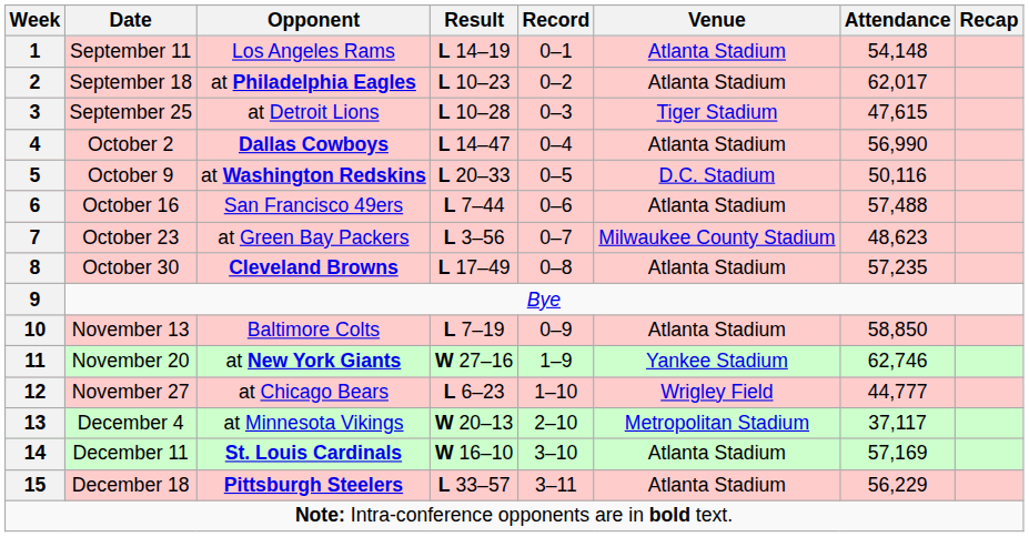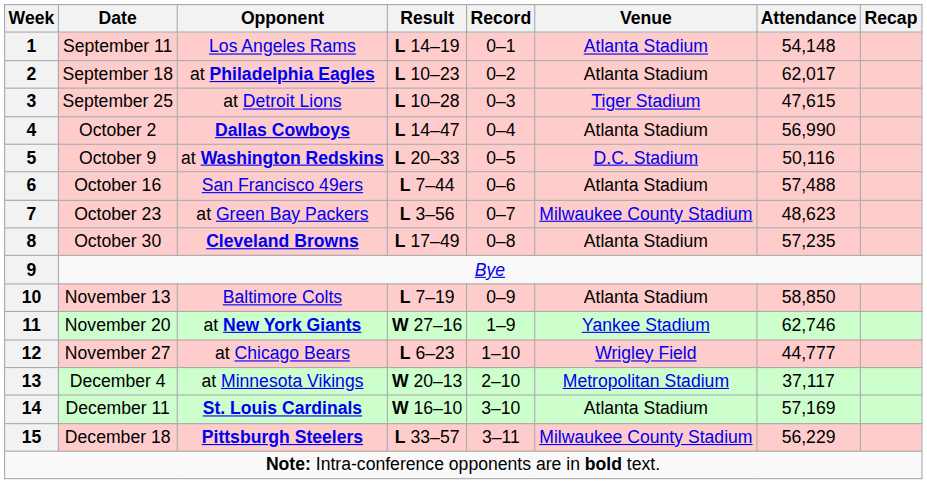 <table class="wikitable" style="text-align:center">
 <tr>
 <th>Week</th>
 <th>Date</th>
 <th>Opponent</th>
 <th>Result</th>
 <th>Record</th>
 <th>Venue</th>
 <th>Attendance</th>
 <th>Recap</th>
 </tr>
 <tr style="background:#fcc;color:#000;">
 <th>1</th>
 <td>September 11</td>
 <td><a href='#'>Los Angeles Rams</a></td>
 <td><strong>L</strong> 14–19</td>
 <td>0–1</td>
 <td><a href='#'>Atlanta Stadium</a></td>
 <td>54,148</td>
 <td></td>
 </tr>
 <tr style="background:#fcc;color:#000;">
 <th>2</th>
 <td>September 18</td>
 <td>at <strong><a href='#'>Philadelphia Eagles</a></strong></td>
 <td><strong>L</strong> 10–23</td>
 <td>0–2</td>
 <td>Atlanta Stadium</td>
 <td>62,017</td>
 <td></td>
 </tr>
 <tr style="background:#fcc;color:#000;">
 <th>3</th>
 <td>September 25</td>
 <td>at <a href='#'>Detroit Lions</a></td>
 <td><strong>L</strong> 10–28</td>
 <td>0–3</td>
 <td><a href='#'>Tiger Stadium</a></td>
 <td>47,615</td>
 <td></td>
 </tr>
 <tr style="background:#fcc;color:#000;">
 <th>4</th>
 <td>October 2</td>
 <td><strong><a href='#'>Dallas Cowboys</a></strong></td>
 <td><strong>L</strong> 14–47</td>
 <td>0–4</td>
 <td>Atlanta Stadium</td>
 <td>56,990</td>
 <td></td>
 </tr>
 <tr style="background:#fcc;color:#000;">
 <th>5</th>
 <td>October 9</td>
 <td>at <strong><a href='#'>Washington Redskins</a></strong></td>
 <td><strong>L</strong> 20–33</td>
 <td>0–5</td>
 <td><a href='#'>D.C. Stadium</a></td>
 <td>50,116</td>
 <td></td>
 </tr>
 <tr style="background:#fcc;color:#000;">
 <th>6</th>
 <td>October 16</td>
 <td><a href='#'>San Francisco 49ers</a></td>
 <td><strong>L</strong> 7–44</td>
 <td>0–6</td>
 <td>Atlanta Stadium</td>
 <td>57,488</td>
 <td></td>
 </tr>
 <tr style="background:#fcc;color:#000;">
 <th>7</th>
 <td>October 23</td>
 <td>at <a href='#'>Green Bay Packers</a></td>
 <td><strong>L</strong> 3–56</td>
 <td>0–7</td>
 <td><a href='#'>Milwaukee County Stadium</a></td>
 <td>48,623</td>
 <td></td>
 </tr>
 <tr style="background:#fcc;color:#000;">
 <th>8</th>
 <td>October 30</td>
 <td><strong><a href='#'>Cleveland Browns</a></strong></td>
 <td><strong>L</strong> 17–49</td>
 <td>0–8</td>
 <td>Atlanta Stadium</td>
 <td>57,235</td>
 <td></td>
 </tr>
 <tr>
 <th>9</th>
 <td colspan="7"><em><a href='#'>Bye</a></em></td>
 </tr>
 <tr style="background:#fcc;color:#000;">
 <th>10</th>
 <td>November 13</td>
 <td><a href='#'>Baltimore Colts</a></td>
 <td><strong>L</strong> 7–19</td>
 <td>0–9</td>
 <td>Atlanta Stadium</td>
 <td>58,850</td>
 <td></td>
 </tr>
 <tr style="background:#cfc;color:#000;">
 <th>11</th>
 <td>November 20</td>
 <td>at <strong><a href='#'>New York Giants</a></strong></td>
 <td><strong>W</strong> 27–16</td>
 <td>1–9</td>
 <td><a href='#'>Yankee Stadium</a></td>
 <td>62,746</td>
 <td></td>
 </tr>
 <tr style="background:#fcc;color:#000;">
 <th>12</th>
 <td>November 27</td>
 <td>at <a href='#'>Chicago Bears</a></td>
 <td><strong>L</strong> 6–23</td>
 <td>1–10</td>
 <td><a href='#'>Wrigley Field</a></td>
 <td>44,777</td>
 <td></td>
 </tr>
 <tr style="background:#cfc;color:#000;">
 <th>13</th>
 <td>December 4</td>
 <td>at <a href='#'>Minnesota Vikings</a></td>
 <td><strong>W</strong> 20–13</td>
 <td>2–10</td>
 <td><a href='#'>Metropolitan Stadium</a></td>
 <td>37,117</td>
 <td></td>
 </tr>
 <tr style="background:#cfc;color:#000;">
 <th>14</th>
 <td>December 11</td>
 <td><strong><a href='#'>St. Louis Cardinals</a></strong></td>
 <td><strong>W</strong> 16–10</td>
 <td>3–10</td>
 <td>Atlanta Stadium</td>
 <td>57,169</td>
 <td></td>
 </tr>
 <tr style="background:#fcc;color:#000;">
 <th>15</th>
 <td>December 18</td>
 <td><strong><a href='#'>Pittsburgh Steelers</a></strong></td>
 <td><strong>L</strong> 33–57</td>
 <td>3–11</td>
-<td>Atlanta Stadium</td>
+<td><a href='#'>Milwaukee County Stadium</a></td>
 <td>56,229</td>
 <td></td>
 </tr>
 <tr>
 <td colspan="8"><strong>Note:</strong> Intra-conference opponents are in <strong>bold</strong> text.</td>
 </tr>
 </table>
